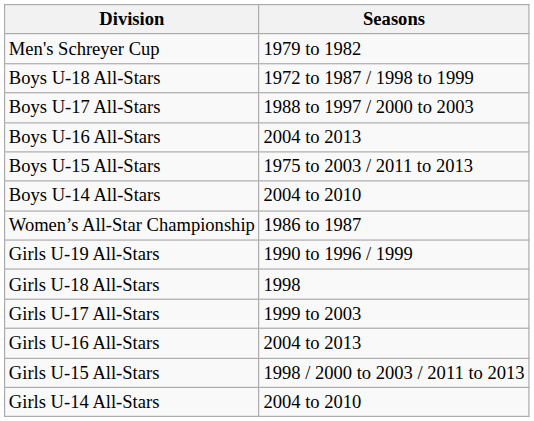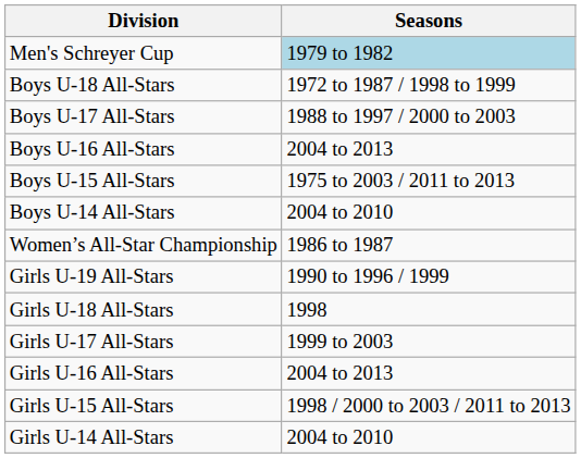 <table class="wikitable sortable">
 <tr>
 <th>Division</th>
 <th>Seasons</th>
 </tr>
 <tr>
 <td>Men's Schreyer Cup</td>
-<td>1979 to 1982</td>
+<td style="background: lightblue;">1979 to 1982</td>
 </tr>
 <tr>
 <td>Boys U-18 All-Stars</td>
 <td>1972 to 1987 / 1998 to 1999</td>
 </tr>
 <tr>
 <td>Boys U-17 All-Stars</td>
 <td>1988 to 1997 / 2000 to 2003</td>
 </tr>
 <tr>
 <td>Boys U-16 All-Stars</td>
 <td>2004 to 2013</td>
 </tr>
 <tr>
 <td>Boys U-15 All-Stars</td>
 <td>1975 to 2003 / 2011 to 2013</td>
 </tr>
 <tr>
 <td>Boys U-14 All-Stars</td>
 <td>2004 to 2010</td>
 </tr>
 <tr>
 <td>Women’s All-Star Championship</td>
 <td>1986 to 1987</td>
 </tr>
 <tr>
 <td>Girls U-19 All-Stars</td>
 <td>1990 to 1996 / 1999</td>
 </tr>
 <tr>
 <td>Girls U-18 All-Stars</td>
 <td>1998</td>
 </tr>
 <tr>
 <td>Girls U-17 All-Stars</td>
 <td>1999 to 2003</td>
 </tr>
 <tr>
 <td>Girls U-16 All-Stars</td>
 <td>2004 to 2013</td>
 </tr>
 <tr>
 <td>Girls U-15 All-Stars</td>
 <td>1998 / 2000 to 2003 / 2011 to 2013</td>
 </tr>
 <tr>
 <td>Girls U-14 All-Stars</td>
 <td>2004 to 2010</td>
 </tr>
 </table>
